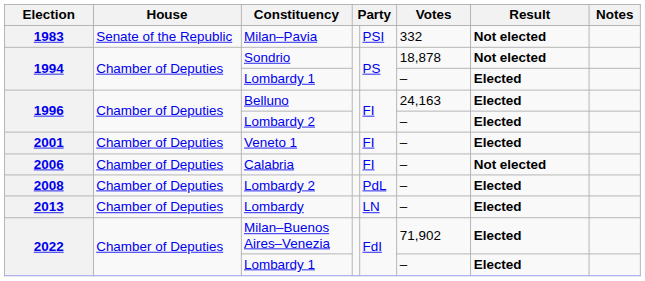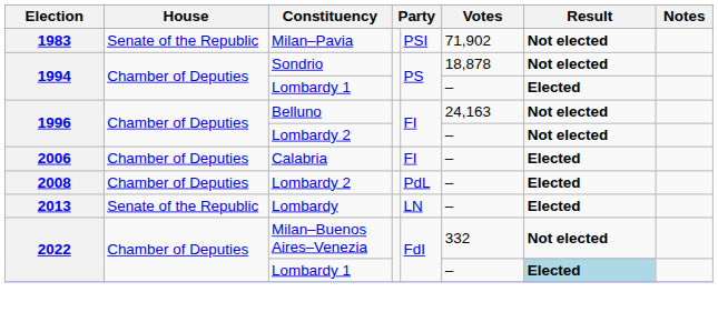 <table class=wikitable style="width:60%; border:1px #AAAAFF solid">
 <tr>
 <th width=12%>Election</th>
 <th width=20%>House</th>
 <th width=15%>Constituency</th>
 <th width=5% colspan="2">Party</th>
 <th width=10%>Votes</th>
 <th width=16%>Result</th>
 <th width=7%>Notes</th>
 </tr>
 <tr>
 <th><a href='#'>1983</a></th>
 <td><a href='#'>Senate of the Republic</a></td>
 <td><a href='#'>Milan–Pavia</a></td>
 <td></td>
 <td><a href='#'>PSI</a></td>
-<td>332</td>
+<td>71,902</td>
 <td> <strong>Not elected</strong></td>
 <td></td>
 </tr>
 <tr>
 <th rowspan=2><a href='#'>1994</a></th>
 <td rowspan=2><a href='#'>Chamber of Deputies</a></td>
 <td><a href='#'>Sondrio</a></td>
 <td rowspan=2></td>
 <td rowspan=2><a href='#'>PS</a></td>
 <td>18,878</td>
 <td> <strong>Not elected</strong></td>
 <td></td>
 </tr>
 <tr>
 <td><a href='#'>Lombardy 1</a></td>
 <td>–</td>
 <td> <strong>Elected</strong></td>
 <td></td>
 </tr>
 <tr>
 <th rowspan=2><a href='#'>1996</a></th>
 <td rowspan=2><a href='#'>Chamber of Deputies</a></td>
 <td><a href='#'>Belluno</a></td>
 <td rowspan=2></td>
 <td rowspan=2><a href='#'>FI</a></td>
 <td>24,163</td>
-<td> <strong>Elected</strong></td>
+<td> <strong>Not elected</strong></td>
 <td></td>
 </tr>
 <tr>
 <td><a href='#'>Lombardy 2</a></td>
 <td>–</td>
-<td> <strong>Elected</strong></td>
-<td></td>
-</tr>
-<tr>
-<th><a href='#'>2001</a></th>
-<td><a href='#'>Chamber of Deputies</a></td>
-<td><a href='#'>Veneto 1</a></td>
-<td></td>
-<td><a href='#'>FI</a></td>
-<td>–</td>
-<td> <strong>Elected</strong></td>
+<td> <strong>Not elected</strong></td>
 <td></td>
 </tr>
 <tr>
 <th><a href='#'>2006</a></th>
 <td><a href='#'>Chamber of Deputies</a></td>
 <td><a href='#'>Calabria</a></td>
 <td></td>
 <td><a href='#'>FI</a></td>
 <td>–</td>
-<td> <strong>Not elected</strong></td>
+<td> <strong>Elected</strong></td>
 <td></td>
 </tr>
 <tr>
 <th><a href='#'>2008</a></th>
 <td><a href='#'>Chamber of Deputies</a></td>
 <td><a href='#'>Lombardy 2</a></td>
 <td></td>
 <td><a href='#'>PdL</a></td>
 <td>–</td>
 <td> <strong>Elected</strong></td>
 <td></td>
 </tr>
 <tr>
 <th><a href='#'>2013</a></th>
-<td><a href='#'>Chamber of Deputies</a></td>
+<td><a href='#'>Senate of the Republic</a></td>
 <td><a href='#'>Lombardy</a></td>
 <td></td>
 <td><a href='#'>LN</a></td>
 <td>–</td>
 <td> <strong>Elected</strong></td>
 <td></td>
 </tr>
 <tr>
 <th rowspan=2><a href='#'>2022</a></th>
 <td rowspan=2><a href='#'>Chamber of Deputies</a></td>
 <td><a href='#'>Milan–Buenos Aires–Venezia</a></td>
 <td rowspan=2></td>
 <td rowspan=2><a href='#'>FdI</a></td>
-<td>71,902</td>
-<td> <strong>Elected</strong></td>
+<td>332</td>
+<td> <strong>Not elected</strong></td>
 <td></td>
 </tr>
 <tr>
 <td><a href='#'>Lombardy 1</a></td>
 <td>–</td>
-<td> <strong>Elected</strong></td>
+<td style="background: lightblue;"> <strong>Elected</strong></td>
 <td></td>
 </tr>
 <tr>
 </tr>
 </table>
